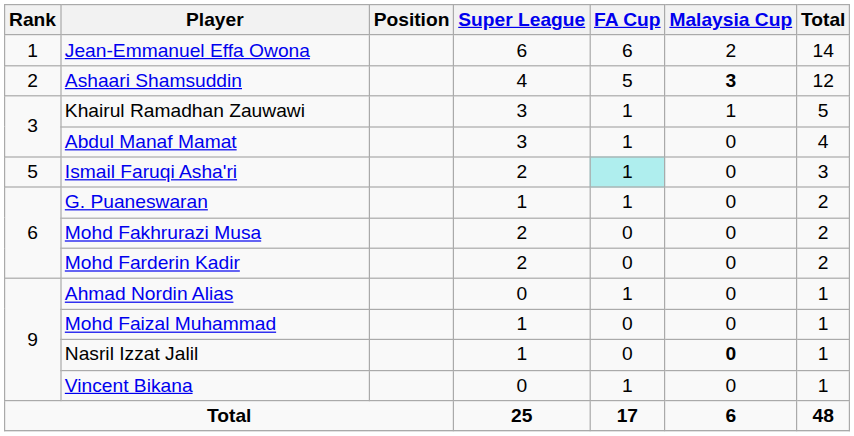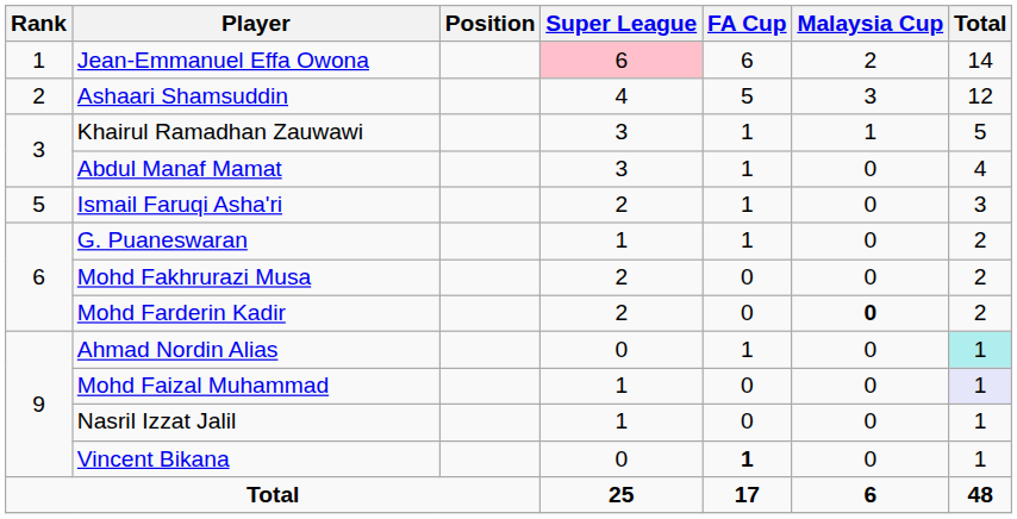 <table class="wikitable">
 <tr>
 <th>Rank</th>
 <th style="width:250px;">Player</th>
 <th>Position</th>
 <th><a href='#'>Super League</a></th>
 <th><a href='#'>FA Cup</a></th>
 <th><a href='#'>Malaysia Cup</a></th>
 <th>Total</th>
 </tr>
 <tr>
 <td align=center>1</td>
 <td> <a href='#'>Jean-Emmanuel Effa Owona</a></td>
 <td align=center></td>
-<td align=center>6</td>
+<td align=center style="background: pink;">6</td>
 <td align=center>6</td>
 <td align=center>2</td>
 <td align=center>14</td>
 </tr>
 <tr>
 <td align=center>2</td>
 <td> <a href='#'>Ashaari Shamsuddin</a></td>
 <td align=center></td>
 <td align=center>4</td>
 <td align=center>5</td>
-<td align=center><strong>3</strong></td>
+<td align=center>3</td>
 <td align=center>12</td>
 </tr>
 <tr>
 <td align=center rowspan=2>3</td>
 <td> Khairul Ramadhan Zauwawi</td>
 <td align=center></td>
 <td align=center>3</td>
 <td align=center>1</td>
 <td align=center>1</td>
 <td align=center>5</td>
 </tr>
 <tr>
 <td> <a href='#'>Abdul Manaf Mamat</a></td>
 <td align=center></td>
 <td align=center>3</td>
 <td align=center>1</td>
 <td align=center>0</td>
 <td align=center>4</td>
 </tr>
 <tr>
 <td align=center>5</td>
 <td> <a href='#'>Ismail Faruqi Asha'ri</a></td>
 <td align=center></td>
 <td align=center>2</td>
-<td align=center style="background: paleturquoise;">1</td>
+<td align=center>1</td>
 <td align=center>0</td>
 <td align=center>3</td>
 </tr>
 <tr>
 <td align=center rowspan=3>6</td>
 <td> <a href='#'>G. Puaneswaran</a></td>
 <td align=center></td>
 <td align=center>1</td>
 <td align=center>1</td>
 <td align=center>0</td>
 <td align=center>2</td>
 </tr>
 <tr>
 <td> <a href='#'>Mohd Fakhrurazi Musa</a></td>
 <td align=center></td>
 <td align=center>2</td>
 <td align=center>0</td>
 <td align=center>0</td>
 <td align=center>2</td>
 </tr>
 <tr>
 <td> <a href='#'>Mohd Farderin Kadir</a></td>
 <td align=center></td>
 <td align=center>2</td>
 <td align=center>0</td>
-<td align=center>0</td>
+<td align=center><strong>0</strong></td>
 <td align=center>2</td>
 </tr>
 <tr>
 <td align=center rowspan=4>9</td>
 <td> <a href='#'>Ahmad Nordin Alias</a></td>
 <td align=center></td>
 <td align=center>0</td>
 <td align=center>1</td>
 <td align=center>0</td>
-<td align=center>1</td>
+<td align=center style="background: paleturquoise;">1</td>
 </tr>
 <tr>
 <td> <a href='#'>Mohd Faizal Muhammad</a></td>
 <td align=center></td>
 <td align=center>1</td>
 <td align=center>0</td>
 <td align=center>0</td>
-<td align=center>1</td>
+<td align=center style="background: lavender;">1</td>
 </tr>
 <tr>
 <td> Nasril Izzat Jalil</td>
 <td align=center></td>
 <td align=center>1</td>
 <td align=center>0</td>
-<td align=center><strong>0</strong></td>
+<td align=center>0</td>
 <td align=center>1</td>
 </tr>
 <tr>
 <td> <a href='#'>Vincent Bikana</a></td>
 <td align=center></td>
 <td align=center>0</td>
-<td align=center>1</td>
+<td align=center><strong>1</strong></td>
 <td align=center>0</td>
 <td align=center>1</td>
 </tr>
 <tr>
 <td align=center colspan=3><strong>Total</strong></td>
 <td align=center><strong>25</strong></td>
 <td align=center><strong>17</strong></td>
 <td align=center><strong>6</strong></td>
 <td align=center><strong>48</strong></td>
 </tr>
 <tr>
 </tr>
 </table>
